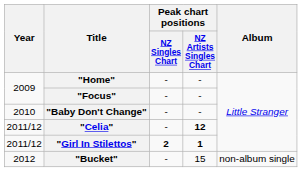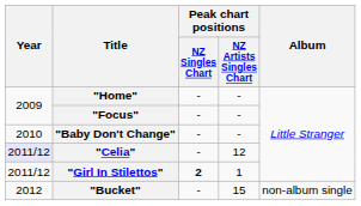 <table class="wikitable plainrowheaders" style="text-align:center;">
 <tr>
 <th scope="col" rowspan="2">Year</th>
 <th scope="col" rowspan="2">Title</th>
 <th scope="col" colspan="2">Peak chart positions</th>
 <th scope="col" rowspan="2">Album</th>
 </tr>
 <tr>
 <th scope="col" style="width:3em;font-size:85%;"><a href='#'>NZ Singles Chart</a></th>
 <th scope="col" style="width:3em;font-size:85%;"><a href='#'>NZ Artists Singles Chart</a></th>
 </tr>
 <tr>
 <td rowspan="2">2009</td>
 <th scope="row">"Home"</th>
 <td>-</td>
 <td>-</td>
 <td rowspan="5"><em><a href='#'>Little Stranger</a></em></td>
 </tr>
 <tr>
 <th scope="row">"Focus"</th>
 <td>-</td>
 <td>-</td>
 </tr>
 <tr>
 <td>2010</td>
 <th scope="row">"Baby Don't Change"</th>
 <td>-</td>
 <td>-</td>
 </tr>
 <tr>
-<td>2011/12</td>
+<td style="background: lavender;">2011/12</td>
 <th scope="row">"<a href='#'>Celia</a>"</th>
 <td>-</td>
-<td><strong>12</strong></td>
+<td>12</td>
 </tr>
 <tr>
 <td>2011/12</td>
 <th scope="row">"<a href='#'>Girl In Stilettos</a>"</th>
 <td><strong>2</strong></td>
-<td><strong>1</strong></td>
+<td>1</td>
 </tr>
 <tr>
 <td rowspan="2">2012</td>
 <th scope="row">"Bucket"</th>
 <td>-</td>
 <td>15</td>
 <td rowspan="5">non-album single</td>
 </tr>
 </table>
